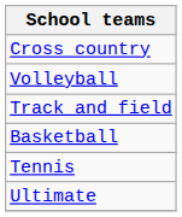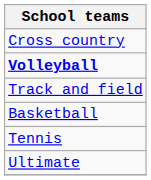 <table class="wikitable" border="1">
 <tr>
 <th>School teams</th>
 </tr>
 <tr>
 <td><a href='#'>Cross country</a></td>
 </tr>
 <tr>
-<td><a href='#'>Volleyball</a></td>
+<td><strong><a href='#'>Volleyball</a></strong></td>
 </tr>
 <tr>
 <td><a href='#'>Track and field</a></td>
 </tr>
 <tr>
 <td><a href='#'>Basketball</a></td>
 </tr>
 <tr>
 <td><a href='#'>Tennis</a></td>
 </tr>
 <tr>
 <td><a href='#'>Ultimate</a></td>
 </tr>
 <tr>
 </tr>
 </table>
